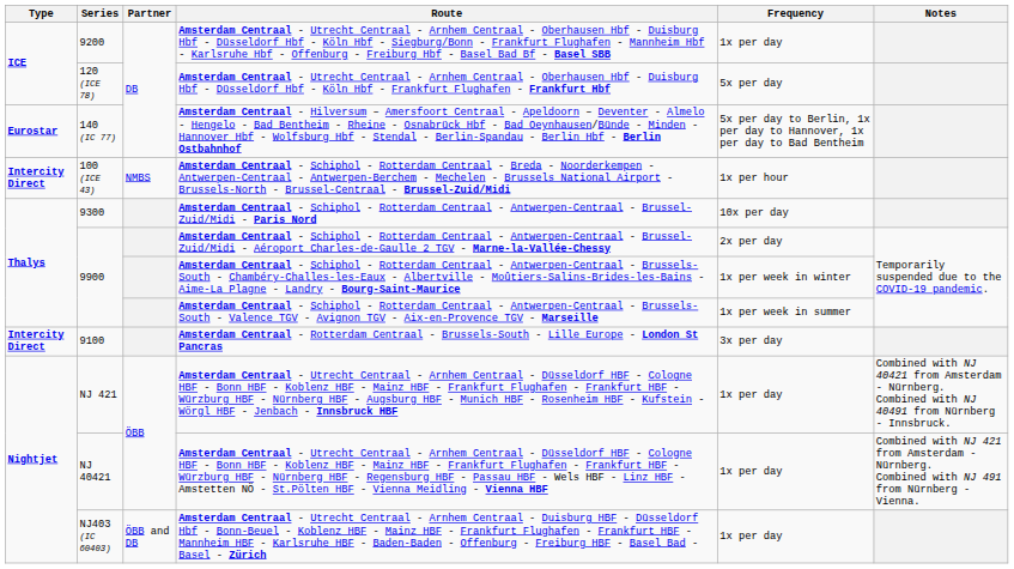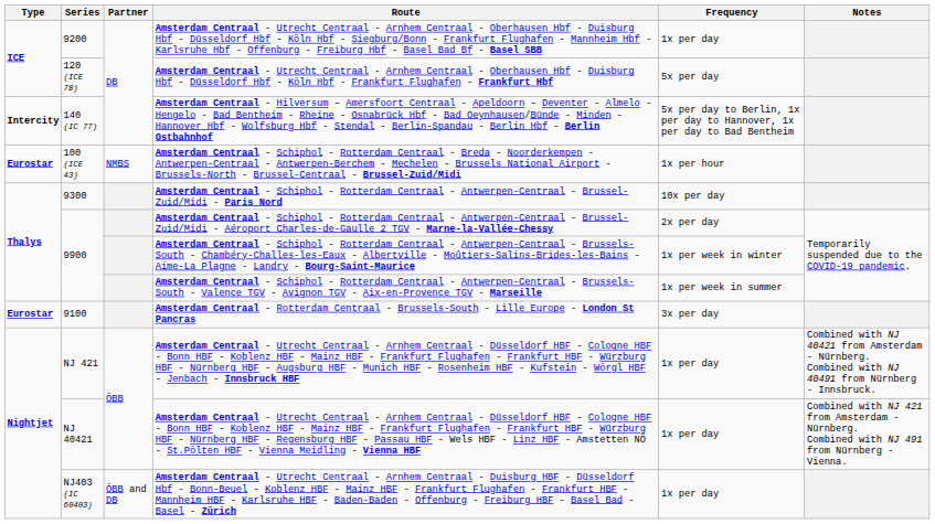 <table class="wikitable vatop">
 <tr>
 <th>Type</th>
 <th>Series</th>
 <th>Partner</th>
 <th>Route</th>
 <th>Frequency</th>
 <th>Notes</th>
 </tr>
 <tr>
 <td rowspan="2"><a href='#'><strong>ICE</strong></a></td>
 <td>9200</td>
 <td rowspan="3"><a href='#'>DB</a></td>
 <td><a href='#'><strong>Amsterdam Centraal</strong></a> - <a href='#'>Utrecht Centraal</a> - <a href='#'>Arnhem Centraal</a> - <a href='#'>Oberhausen Hbf</a> - <a href='#'>Duisburg Hbf</a> - <a href='#'>Düsseldorf Hbf</a> - <a href='#'>Köln Hbf</a> - <a href='#'>Siegburg/Bonn</a> - <a href='#'>Frankfurt Flughafen</a> - <a href='#'>Mannheim Hbf</a> - <a href='#'>Karlsruhe Hbf</a> - <a href='#'>Offenburg</a> - <a href='#'>Freiburg Hbf</a> - <a href='#'>Basel Bad Bf</a> - <a href='#'><strong>Basel SBB</strong></a></td>
 <td>1x per day</td>
 <th></th>
 </tr>
 <tr>
 <td>120<br><em><small>(ICE 78)</small></em></td>
 <td><a href='#'><strong>Amsterdam Centraal</strong></a> - <a href='#'>Utrecht Centraal</a> - <a href='#'>Arnhem Centraal</a> - <a href='#'>Oberhausen Hbf</a> - <a href='#'>Duisburg Hbf</a> - <a href='#'>Düsseldorf Hbf</a> - <a href='#'>Köln Hbf</a> - <a href='#'>Frankfurt Flughafen</a> - <a href='#'><strong>Frankfurt Hbf</strong></a></td>
 <td>5x per day</td>
 <th></th>
 </tr>
 <tr>
-<td><strong><a href='#'>Eurostar</a></strong></td>
+<td><strong>Intercity</strong></td>
 <td>140<br><em><small>(IC 77)</small></em></td>
 <td><a href='#'><strong>Amsterdam Centraal</strong></a> - <a href='#'>Hilversum</a> – <a href='#'>Amersfoort Centraal</a> - <a href='#'>Apeldoorn</a> – <a href='#'>Deventer</a> - <a href='#'>Almelo</a> - <a href='#'>Hengelo</a> - <a href='#'>Bad Bentheim</a> - <a href='#'>Rheine</a> - <a href='#'>Osnabrück Hbf</a> - <a href='#'>Bad Oeynhausen</a>/<a href='#'>Bünde</a> - <a href='#'>Minden</a> - <a href='#'>Hannover Hbf</a> - <a href='#'>Wolfsburg Hbf</a> - <a href='#'>Stendal</a> - <a href='#'>Berlin-Spandau</a> - <a href='#'>Berlin Hbf</a> - <a href='#'><strong>Berlin Ostbahnhof</strong></a></td>
 <td>5x per day to Berlin, 1x per day to Hannover, 1x per day to Bad Bentheim</td>
 <th></th>
 </tr>
 <tr>
-<td><strong><a href='#'>Intercity Direct</a></strong></td>
+<td><strong><a href='#'>Eurostar</a></strong></td>
 <td>100<br><em><small>(ICE 43)</small></em></td>
 <td><a href='#'>NMBS</a></td>
 <td><a href='#'><strong>Amsterdam Centraal</strong></a> - <a href='#'>Schiphol</a> - <a href='#'>Rotterdam Centraal</a> - <a href='#'>Breda</a> - <a href='#'>Noorderkempen</a> - <a href='#'>Antwerpen-Centraal</a> - <a href='#'>Antwerpen-Berchem</a> - <a href='#'>Mechelen</a> - <a href='#'>Brussels National Airport</a> - <a href='#'>Brussels-North</a> - <a href='#'>Brussel-Centraal</a> - <a href='#'><strong>Brussel-Zuid/Midi</strong></a></td>
 <td>1x per hour</td>
 <th></th>
 </tr>
 <tr>
 <td rowspan="4"><strong><a href='#'>Thalys</a></strong></td>
 <td>9300</td>
 <th></th>
 <td><a href='#'><strong>Amsterdam Centraal</strong></a> - <a href='#'>Schiphol</a> - <a href='#'>Rotterdam Centraal</a> - <a href='#'>Antwerpen-Centraal</a> - <a href='#'>Brussel-Zuid/Midi</a> - <a href='#'><strong>Paris Nord</strong></a></td>
 <td>10x per day</td>
 <th></th>
 </tr>
 <tr>
 <td rowspan="3">9900</td>
 <th></th>
 <td><a href='#'><strong>Amsterdam Centraal</strong></a> - <a href='#'>Schiphol</a> - <a href='#'>Rotterdam Centraal</a> - <a href='#'>Antwerpen-Centraal</a> - <a href='#'>Brussel-Zuid/Midi</a> - <a href='#'>Aéroport Charles-de-Gaulle 2 TGV</a> - <strong><a href='#'>Marne-la-Vallée-Chessy</a></strong></td>
 <td>2x per day</td>
 <td rowspan="3">Temporarily suspended due to the <a href='#'>COVID-19 pandemic</a>.</td>
 </tr>
 <tr>
 <th></th>
 <td><a href='#'><strong>Amsterdam Centraal</strong></a> - <a href='#'>Schiphol</a> - <a href='#'>Rotterdam Centraal</a> - <a href='#'>Antwerpen-Centraal</a> - <a href='#'>Brussels-South</a> - <a href='#'>Chambéry-Challes-les-Eaux</a> - <a href='#'>Albertville</a> - <a href='#'>Moûtiers-Salins-Brides-les-Bains</a> - <a href='#'>Aime-La Plagne</a> - <a href='#'>Landry</a> - <a href='#'><strong>Bourg-Saint-Maurice</strong></a></td>
 <td>1x per week in winter</td>
 </tr>
 <tr>
 <th></th>
 <td><a href='#'><strong>Amsterdam Centraal</strong></a> - <a href='#'>Schiphol</a> - <a href='#'>Rotterdam Centraal</a> - <a href='#'>Antwerpen-Centraal</a> - <a href='#'>Brussels-South</a> - <a href='#'>Valence TGV</a> - <a href='#'>Avignon TGV</a> - <a href='#'>Aix-en-Provence TGV</a> - <a href='#'><strong>Marseille</strong></a></td>
 <td>1x per week in summer</td>
 </tr>
 <tr>
-<td><strong><a href='#'>Intercity Direct</a></strong></td>
+<td><strong><a href='#'>Eurostar</a></strong></td>
 <td>9100</td>
 <th></th>
 <td><a href='#'><strong>Amsterdam Centraal</strong></a> - <a href='#'>Rotterdam Centraal</a> - <a href='#'>Brussels-South</a> - <a href='#'>Lille Europe</a> - <a href='#'><strong>London St Pancras</strong></a></td>
 <td>3x per day</td>
 <th></th>
 </tr>
 <tr>
 <td rowspan="3"><strong><a href='#'>Nightjet</a></strong></td>
 <td>NJ 421</td>
 <td rowspan="2"><a href='#'>ÖBB</a></td>
 <td><a href='#'><strong>Amsterdam Centraal</strong></a> - <a href='#'>Utrecht Centraal</a> - <a href='#'>Arnhem Centraal</a> - <a href='#'>Düsseldorf HBF</a> - <a href='#'>Cologne HBF</a> - <a href='#'>Bonn HBF</a> - <a href='#'>Koblenz HBF</a> - <a href='#'>Mainz HBF</a> - <a href='#'>Frankfurt Flughafen</a> - <a href='#'>Frankfurt HBF</a> - <a href='#'>Würzburg HBF</a> - <a href='#'>Nürnberg HBF</a> - <a href='#'>Augsburg HBF</a> - <a href='#'>Munich HBF</a> - <a href='#'>Rosenheim HBF</a> - <a href='#'>Kufstein</a> - <a href='#'>Wörgl HBF</a> - <a href='#'>Jenbach</a> - <a href='#'><strong>Innsbruck HBF</strong></a></td>
 <td>1x per day</td>
 <td>Combined with <em>NJ 40421</em> from Amsterdam - Nürnberg.<br>Combined with <em>NJ 40491</em> from Nürnberg - Innsbruck.</td>
 </tr>
 <tr>
 <td>NJ 40421</td>
 <td><a href='#'><strong>Amsterdam Centraal</strong></a> - <a href='#'>Utrecht Centraal</a> - <a href='#'>Arnhem Centraal</a> - <a href='#'>Düsseldorf HBF</a> - <a href='#'>Cologne HBF</a> - <a href='#'>Bonn HBF</a> - <a href='#'>Koblenz HBF</a> - <a href='#'>Mainz HBF</a> - <a href='#'>Frankfurt Flughafen</a> - <a href='#'>Frankfurt HBF</a> - <a href='#'>Würzburg HBF</a> - <a href='#'>Nürnberg HBF</a> - <a href='#'>Regensburg HBF</a> - <a href='#'>Passau HBF</a> - Wels HBF - <a href='#'>Linz HBF</a> - Amstetten NÖ - <a href='#'>St.Pölten HBF</a> - <a href='#'>Vienna Meidling</a> - <a href='#'><strong>Vienna HBF</strong></a></td>
 <td>1x per day</td>
 <td>Combined with <em>NJ 421</em> from Amsterdam - Nürnberg.<br>Combined with <em>NJ 491</em> from Nürnberg - Vienna.</td>
 </tr>
 <tr>
 <td>NJ403<br><small><em>(IC 60403)</em></small></td>
 <td><a href='#'>ÖBB</a> and <a href='#'>DB</a></td>
 <td><a href='#'><strong>Amsterdam Centraal</strong></a> - <a href='#'>Utrecht Centraal</a> - <a href='#'>Arnhem Centraal</a> - <a href='#'>Duisburg HBF</a> - <a href='#'>Düsseldorf Hbf</a> - <a href='#'>Bonn-Beuel</a> - <a href='#'>Koblenz HBF</a> - <a href='#'>Mainz HBF</a> - <a href='#'>Frankfurt Flughafen</a> - <a href='#'>Frankfurt HBF</a> - <a href='#'>Mannheim HBF</a> - <a href='#'>Karlsruhe HBF</a> - <a href='#'>Baden-Baden</a> - <a href='#'>Offenburg</a> - <a href='#'>Freiburg HBF</a> - <a href='#'>Basel Bad</a> - <a href='#'>Basel</a> - <a href='#'><strong>Zürich</strong></a></td>
 <td>1x per day</td>
 <th></th>
 </tr>
 </table>
